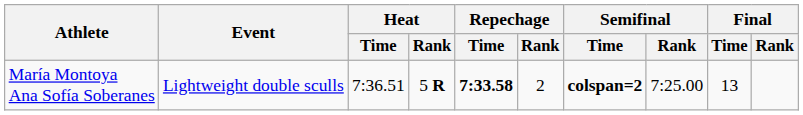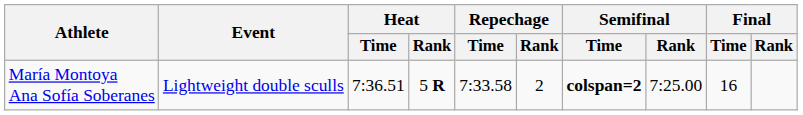 <table class=wikitable style=font-size:90%;text-align:center>
 <tr>
 <th rowspan=2>Athlete</th>
 <th rowspan=2>Event</th>
 <th colspan=2>Heat</th>
 <th colspan=2>Repechage</th>
 <th colspan=2>Semifinal</th>
 <th colspan=2>Final</th>
 </tr>
 <tr style=font-size:95%>
 <th>Time</th>
 <th>Rank</th>
 <th>Time</th>
 <th>Rank</th>
 <th>Time</th>
 <th>Rank</th>
 <th>Time</th>
 <th>Rank</th>
 </tr>
 <tr>
 <td align=left><a href='#'>María Montoya</a><br><a href='#'>Ana Sofía Soberanes</a></td>
 <td align=left><a href='#'>Lightweight double sculls</a></td>
 <td>7:36.51</td>
 <td>5 <strong>R</strong></td>
-<td><strong>7:33.58</strong></td>
+<td>7:33.58</td>
 <td>2  <strong></strong></td>
 <td><strong>colspan=2 </strong></td>
 <td>7:25.00</td>
-<td>13</td>
+<td>16</td>
 </tr>
 </table>
